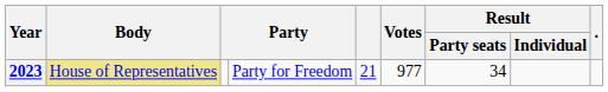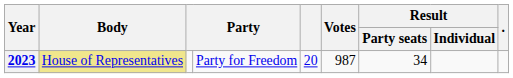 <table class="wikitable plainrowheaders sortable" border=2 cellpadding=4 cellspacing=0 style="border: 1px #aaa solid; font-size: 90%; text-align:center;">
 <tr>
 <th scope="col" rowspan=2>Year</th>
 <th scope="col" rowspan=2>Body</th>
 <th scope="col" colspan=2 rowspan=2>Party</th>
 <th scope="col" rowspan=2></th>
 <th scope="col" rowspan=2>Votes</th>
 <th scope="colgroup" colspan=2>Result</th>
 <th scope="col" rowspan=2 class="unsortable">.</th>
 </tr>
 <tr>
 <th scope="col">Party seats</th>
 <th scope="col">Individual</th>
 </tr>
 <tr>
 <th scope="row"><a href='#'>2023</a></th>
 <td style="background: khaki;"><a href='#'>House of Representatives</a></td>
 <td style="background-color:"></td>
 <td><a href='#'>Party for Freedom</a></td>
-<td style=text-align:right><a href='#'>21</a></td>
-<td style=text-align:right>977</td>
+<td style=text-align:right><a href='#'>20</a></td>
+<td style=text-align:right>987</td>
 <td style=text-align:right>34</td>
 <td></td>
 <td></td>
 </tr>
 </table>
